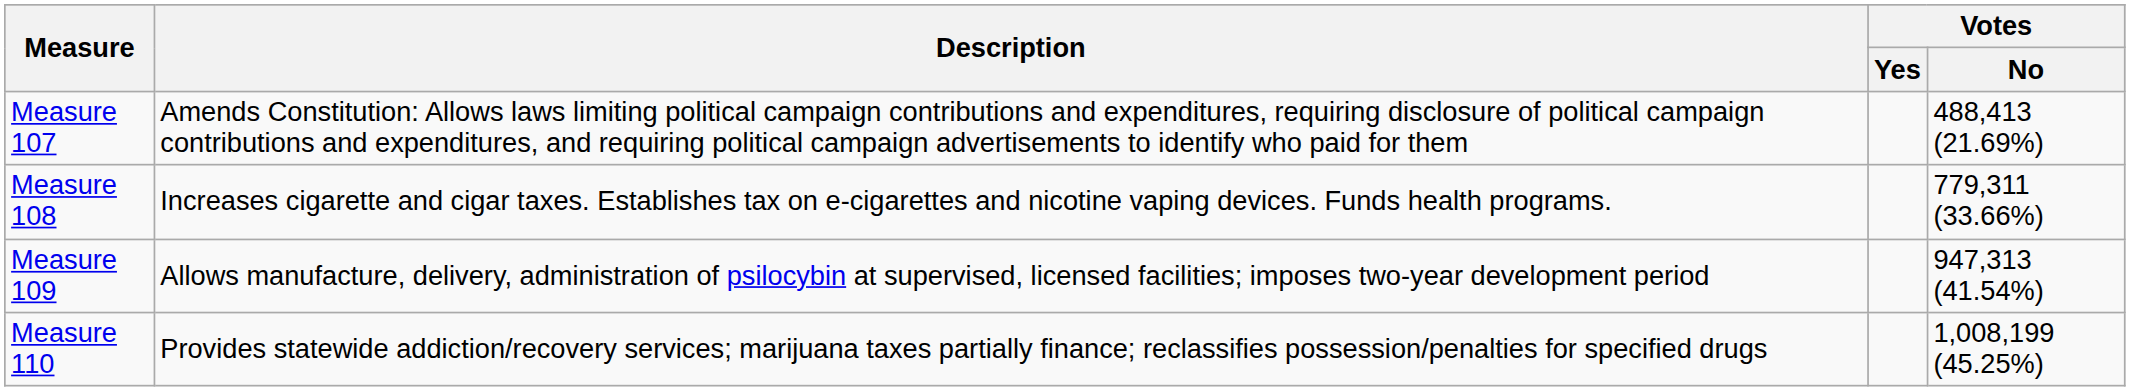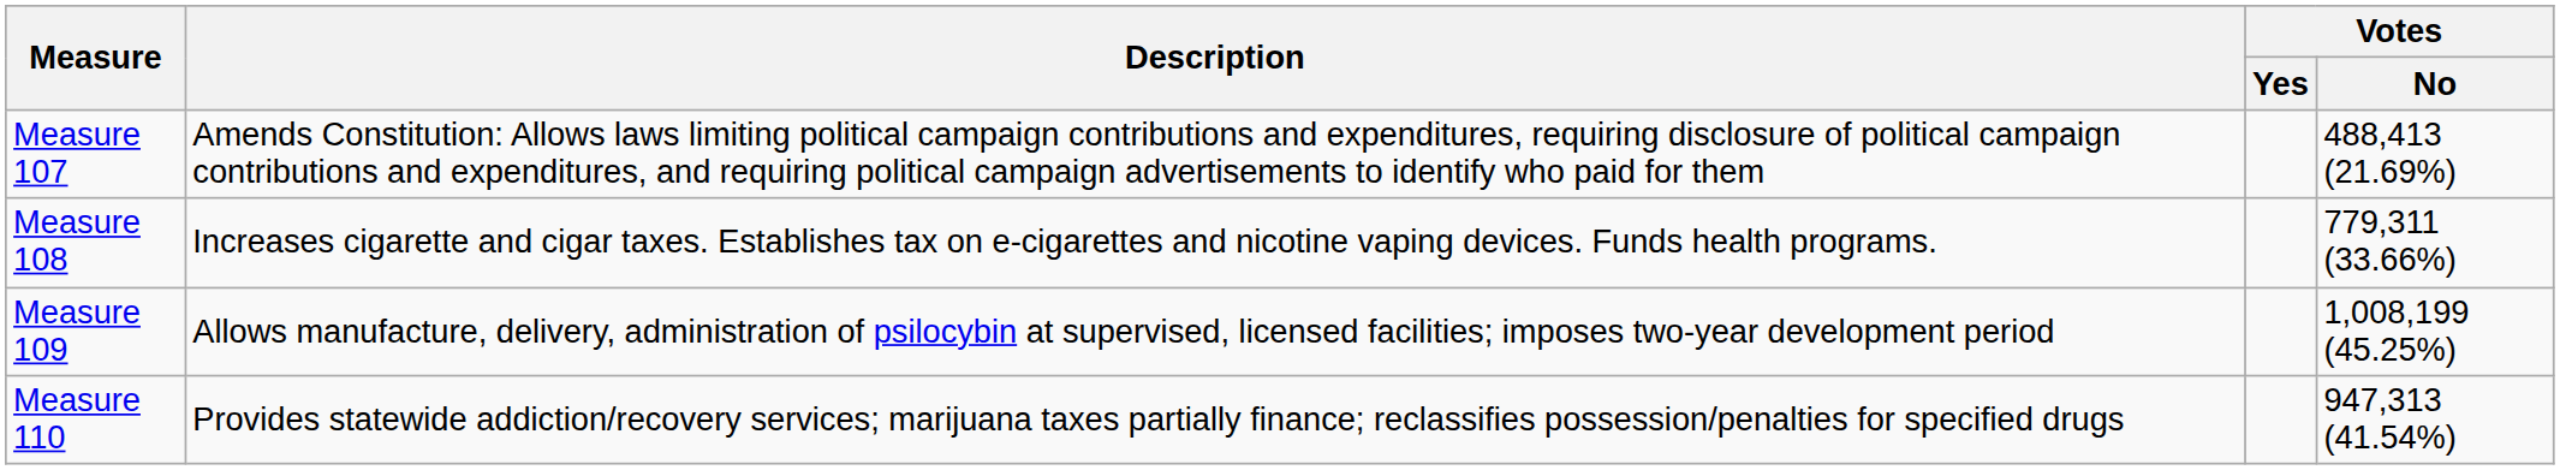 <table class="wikitable">
 <tr>
 <th rowspan="2">Measure</th>
 <th rowspan="2">Description</th>
 <th colspan="2">Votes</th>
 </tr>
 <tr>
 <th>Yes</th>
 <th>No</th>
 </tr>
 <tr>
 <td><a href='#'>Measure 107</a></td>
 <td>Amends Constitution: Allows laws limiting political campaign contributions and expenditures, requiring disclosure of political campaign contributions and expenditures, and requiring political campaign advertisements to identify who paid for them</td>
 <td></td>
 <td>488,413 (21.69%)</td>
 </tr>
 <tr>
 <td><a href='#'>Measure 108</a></td>
 <td>Increases cigarette and cigar taxes. Establishes tax on e-cigarettes and nicotine vaping devices. Funds health programs.</td>
 <td></td>
 <td>779,311 (33.66%)</td>
 </tr>
 <tr>
 <td><a href='#'>Measure 109</a></td>
 <td>Allows manufacture, delivery, administration of <a href='#'>psilocybin</a> at supervised, licensed facilities; imposes two-year development period</td>
 <td></td>
-<td>947,313 (41.54%)</td>
+<td>1,008,199 (45.25%)</td>
 </tr>
 <tr>
 <td><a href='#'>Measure 110</a></td>
 <td>Provides statewide addiction/recovery services; marijuana taxes partially finance; reclassifies possession/penalties for specified drugs</td>
 <td></td>
-<td>1,008,199 (45.25%)</td>
+<td>947,313 (41.54%)</td>
 </tr>
 </table>
